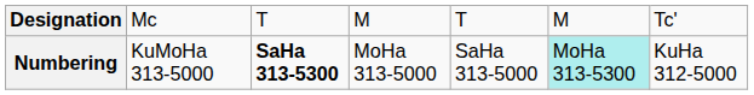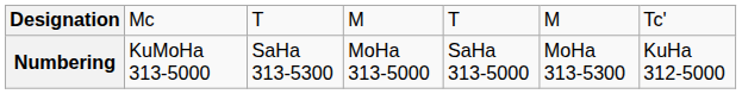 <table class="wikitable">
 <tr>
 <th>Designation</th>
 <td>Mc</td>
 <td>T</td>
 <td>M</td>
 <td>T</td>
 <td>M</td>
 <td>Tc'</td>
 </tr>
 <tr>
 <th>Numbering</th>
 <td>KuMoHa 313-5000</td>
-<td><strong>SaHa 313-5300</strong></td>
+<td>SaHa 313-5300</td>
 <td>MoHa 313-5000</td>
 <td>SaHa 313-5000</td>
-<td style="background: paleturquoise;">MoHa 313-5300</td>
+<td>MoHa 313-5300</td>
 <td>KuHa 312-5000</td>
 </tr>
 </table>
